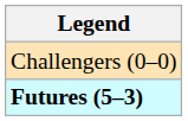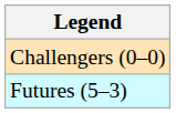 <table class="wikitable">
 <tr>
 <th>Legend</th>
 </tr>
 <tr bgcolor="moccasin">
 <td>Challengers (0–0)</td>
 </tr>
 <tr bgcolor="CFFCFF">
-<td><strong>Futures (5–3)</strong></td>
+<td>Futures (5–3)</td>
 </tr>
 </table>
